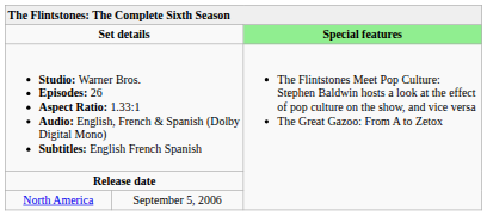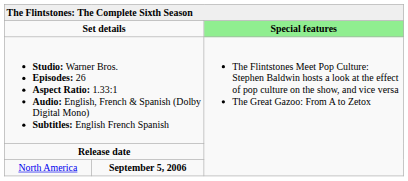 <table class="wikitable" style="font-size: 95%;">
 <tr style="background:#EFEFEF">
 <td colspan="3"><strong>The Flintstones: The Complete Sixth Season</strong></td>
 </tr>
 <tr style="vertical-align:top; text-align:center;">
 <td colspan="2"  style="width:300px;"><strong>Set details</strong></td>
 <td style="background: lightgreen; width:200px; "><strong>Special features</strong></td>
 </tr>
 <tr valign="top">
 <td colspan="2"  style="text-align:left; width:300px;"><br><ul><li><strong>Studio:</strong> Warner Bros.</li><li><strong>Episodes:</strong> 26</li><li><strong>Aspect Ratio:</strong> 1.33:1</li><li><strong>Audio:</strong> English, French & Spanish (Dolby Digital Mono)</li><li><strong>Subtitles:</strong> English French Spanish</li></ul></td>
 <td rowspan="3"  style="text-align:left; width:300px;"><br><ul><li>The Flintstones Meet Pop Culture: Stephen Baldwin hosts a look at the effect of pop culture on the show, and vice versa</li><li>The Great Gazoo: From A to Zetox</li></ul></td>
 </tr>
 <tr>
 <td style="text-align:center;" colspan="2"><strong>Release date</strong></td>
 </tr>
 <tr>
 <td style="text-align:center;"> <a href='#'>North America</a></td>
-<td style="text-align:center;">September 5, 2006</td>
+<td style="text-align:center;"><strong>September 5, 2006</strong></td>
 </tr>
 </table>
